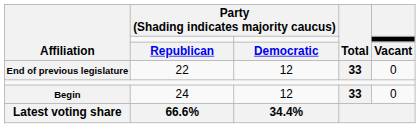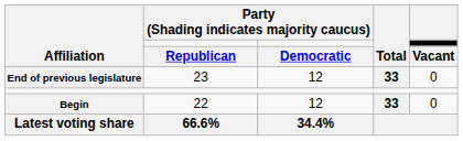 <table class=wikitable style="text-align:center">
 <tr style="vertical-align:bottom;">
 <th rowspan=3>Affiliation</th>
 <th colspan=2>Party <div>(Shading indicates majority caucus)</div></th>
 <th rowspan=3>Total</th>
 <th></th>
 </tr>
 <tr style="height:5px">
 <td style="background-color:"></td>
 <td style="background-color:"></td>
 <td style="background-color:black"></td>
 </tr>
 <tr>
 <th><a href='#'>Republican</a></th>
 <th><a href='#'>Democratic</a></th>
 <th>Vacant</th>
 </tr>
 <tr>
 <th nowrap style="font-size:80%">End of previous legislature</th>
-<td>22</td>
+<td>23</td>
 <td>12</td>
 <th>33</th>
 <td>0</td>
 </tr>
 <tr>
 <td colspan=5></td>
 </tr>
 <tr>
 <th nowrap style="font-size:80%">Begin</th>
-<td>24</td>
+<td>22</td>
 <td>12</td>
 <th>33</th>
 <td>0</td>
 </tr>
 <tr>
 <th>Latest voting share</th>
 <th>66.6% </th>
 <th>34.4%</th>
 <th colspan=2></th>
 </tr>
 </table>
